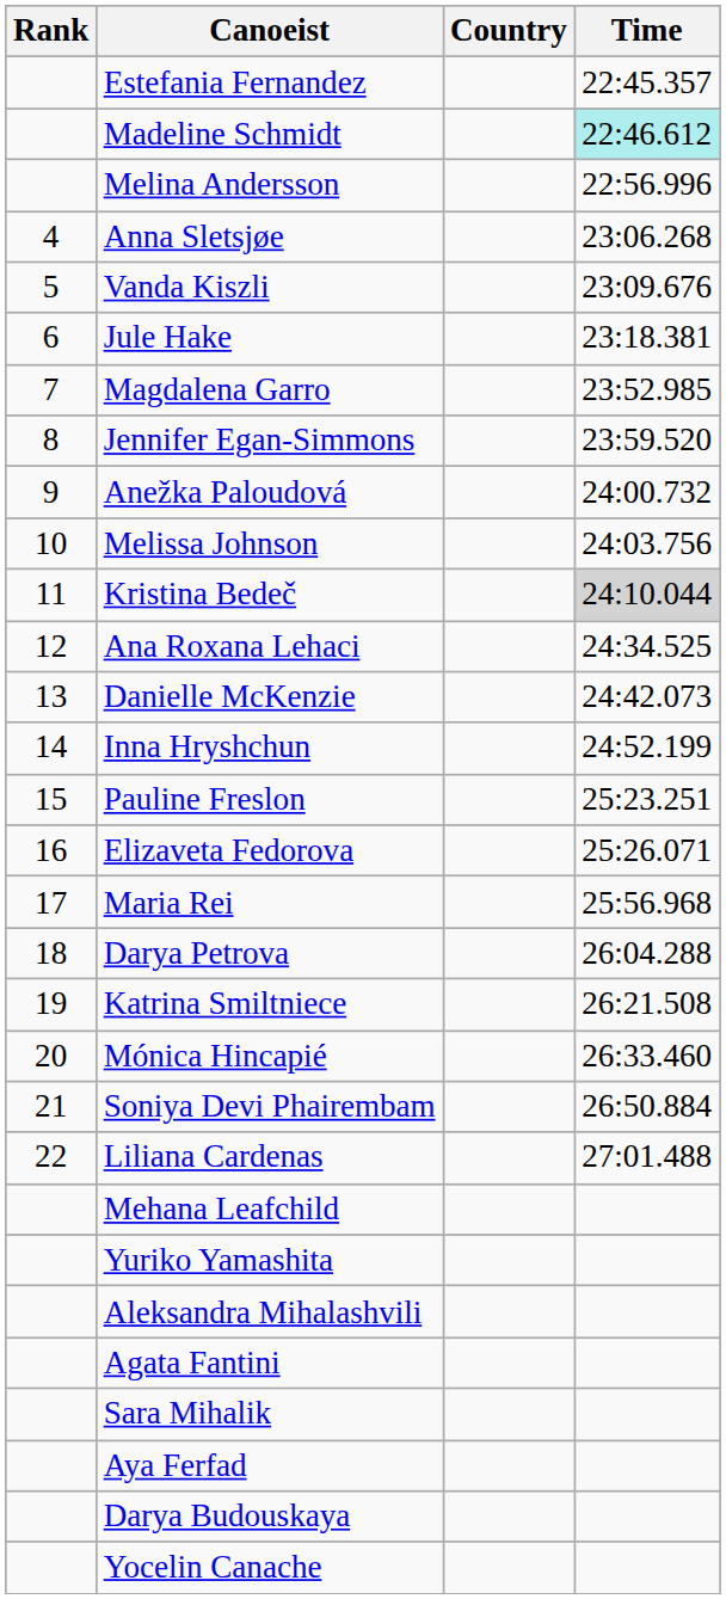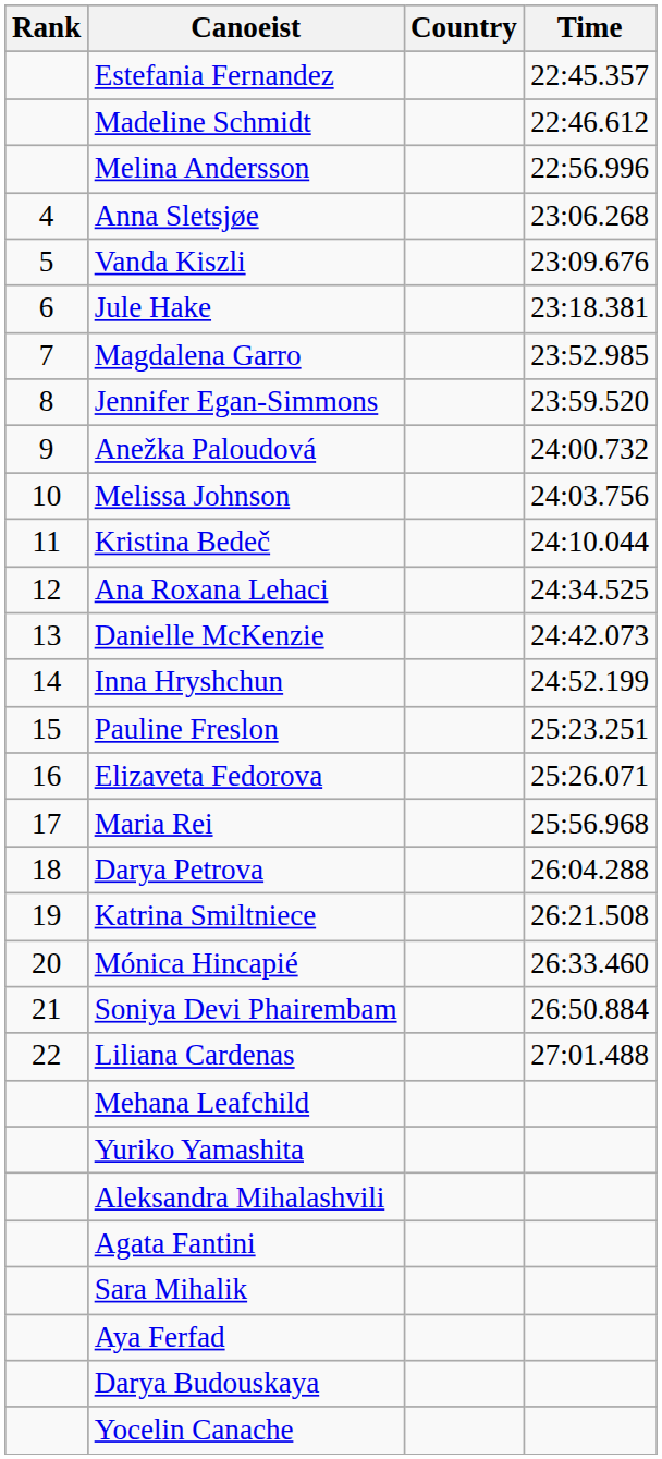 <table class="wikitable sortable" style="text-align:center">
 <tr>
 <th>Rank</th>
 <th>Canoeist</th>
 <th>Country</th>
 <th>Time</th>
 </tr>
 <tr>
 <td></td>
 <td align="left"><a href='#'>Estefania Fernandez</a></td>
 <td align="left"></td>
 <td>22:45.357</td>
 </tr>
 <tr>
 <td></td>
 <td align="left"><a href='#'>Madeline Schmidt</a></td>
 <td align="left"></td>
-<td style="background: paleturquoise;">22:46.612</td>
+<td>22:46.612</td>
 </tr>
 <tr>
 <td></td>
 <td align="left"><a href='#'>Melina Andersson</a></td>
 <td align="left"></td>
 <td>22:56.996</td>
 </tr>
 <tr>
 <td>4</td>
 <td align="left"><a href='#'>Anna Sletsjøe</a></td>
 <td align="left"></td>
 <td>23:06.268</td>
 </tr>
 <tr>
 <td>5</td>
 <td align="left"><a href='#'>Vanda Kiszli</a></td>
 <td align="left"></td>
 <td>23:09.676</td>
 </tr>
 <tr>
 <td>6</td>
 <td align="left"><a href='#'>Jule Hake</a></td>
 <td align="left"></td>
 <td>23:18.381</td>
 </tr>
 <tr>
 <td>7</td>
 <td align="left"><a href='#'>Magdalena Garro</a></td>
 <td align="left"></td>
 <td>23:52.985</td>
 </tr>
 <tr>
 <td>8</td>
 <td align="left"><a href='#'>Jennifer Egan-Simmons</a></td>
 <td align="left"></td>
 <td>23:59.520</td>
 </tr>
 <tr>
 <td>9</td>
 <td align="left"><a href='#'>Anežka Paloudová</a></td>
 <td align="left"></td>
 <td>24:00.732</td>
 </tr>
 <tr>
 <td>10</td>
 <td align="left"><a href='#'>Melissa Johnson</a></td>
 <td align="left"></td>
 <td>24:03.756</td>
 </tr>
 <tr>
 <td>11</td>
 <td align="left"><a href='#'>Kristina Bedeč</a></td>
 <td align="left"></td>
-<td style="background: lightgrey;">24:10.044</td>
+<td>24:10.044</td>
 </tr>
 <tr>
 <td>12</td>
 <td align="left"><a href='#'>Ana Roxana Lehaci</a></td>
 <td align="left"></td>
 <td>24:34.525</td>
 </tr>
 <tr>
 <td>13</td>
 <td align="left"><a href='#'>Danielle McKenzie</a></td>
 <td align="left"></td>
 <td>24:42.073</td>
 </tr>
 <tr>
 <td>14</td>
 <td align="left"><a href='#'>Inna Hryshchun</a></td>
 <td align="left"></td>
 <td>24:52.199</td>
 </tr>
 <tr>
 <td>15</td>
 <td align="left"><a href='#'>Pauline Freslon</a></td>
 <td align="left"></td>
 <td>25:23.251</td>
 </tr>
 <tr>
 <td>16</td>
 <td align="left"><a href='#'>Elizaveta Fedorova</a></td>
 <td align="left"></td>
 <td>25:26.071</td>
 </tr>
 <tr>
 <td>17</td>
 <td align="left"><a href='#'>Maria Rei</a></td>
 <td align="left"></td>
 <td>25:56.968</td>
 </tr>
 <tr>
 <td>18</td>
 <td align="left"><a href='#'>Darya Petrova</a></td>
 <td align="left"></td>
 <td>26:04.288</td>
 </tr>
 <tr>
 <td>19</td>
 <td align="left"><a href='#'>Katrina Smiltniece</a></td>
 <td align="left"></td>
 <td>26:21.508</td>
 </tr>
 <tr>
 <td>20</td>
 <td align="left"><a href='#'>Mónica Hincapié</a></td>
 <td align="left"></td>
 <td>26:33.460</td>
 </tr>
 <tr>
 <td>21</td>
 <td align="left"><a href='#'>Soniya Devi Phairembam</a></td>
 <td align="left"></td>
 <td>26:50.884</td>
 </tr>
 <tr>
 <td>22</td>
 <td align="left"><a href='#'>Liliana Cardenas</a></td>
 <td align="left"></td>
 <td>27:01.488</td>
 </tr>
 <tr>
 <td></td>
 <td align="left"><a href='#'>Mehana Leafchild</a></td>
 <td align="left"></td>
 <td></td>
 </tr>
 <tr>
 <td></td>
 <td align="left"><a href='#'>Yuriko Yamashita</a></td>
 <td align="left"></td>
 <td></td>
 </tr>
 <tr>
 <td></td>
 <td align="left"><a href='#'>Aleksandra Mihalashvili</a></td>
 <td align="left"></td>
 <td></td>
 </tr>
 <tr>
 <td></td>
 <td align="left"><a href='#'>Agata Fantini</a></td>
 <td align="left"></td>
 <td></td>
 </tr>
 <tr>
 <td></td>
 <td align="left"><a href='#'>Sara Mihalik</a></td>
 <td align="left"></td>
 <td></td>
 </tr>
 <tr>
 <td></td>
 <td align="left"><a href='#'>Aya Ferfad</a></td>
 <td align="left"></td>
 <td></td>
 </tr>
 <tr>
 <td></td>
 <td align="left"><a href='#'>Darya Budouskaya</a></td>
 <td align="left"></td>
 <td></td>
 </tr>
 <tr>
 <td></td>
 <td align="left"><a href='#'>Yocelin Canache</a></td>
 <td align="left"></td>
 <td></td>
 </tr>
 <tr>
 </tr>
 </table>
